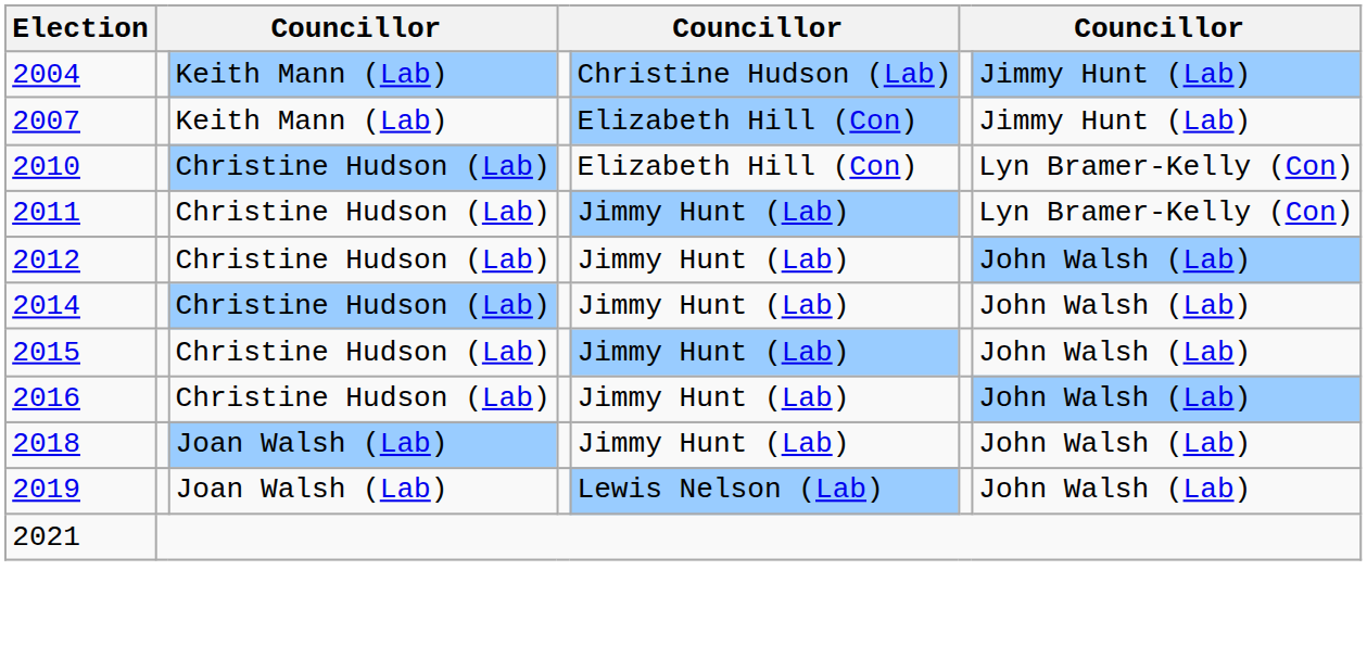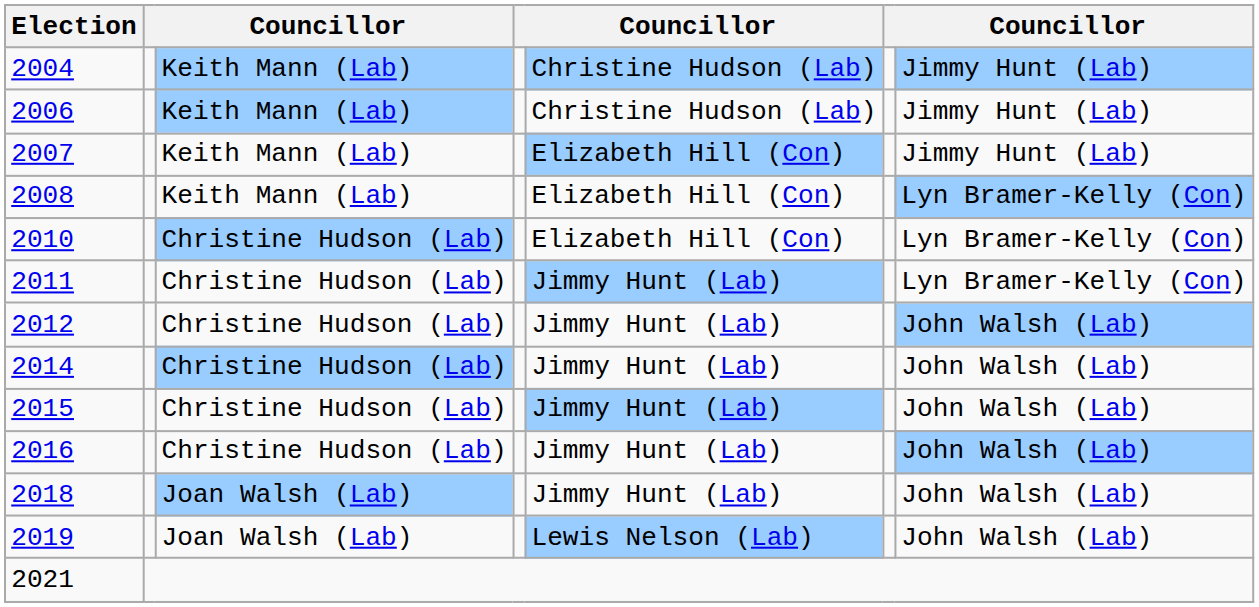 <table class="wikitable">
 <tr>
 <th>Election</th>
 <th colspan="2">Councillor</th>
 <th colspan="2">Councillor</th>
 <th colspan="2">Councillor</th>
 </tr>
 <tr>
 <td><a href='#'>2004</a></td>
 <td style="background-color: "></td>
 <td bgcolor="#99CCFF">Keith Mann (<a href='#'>Lab</a>)</td>
 <td style="background-color: "></td>
 <td bgcolor="#99CCFF">Christine Hudson (<a href='#'>Lab</a>)</td>
 <td style="background-color: "></td>
 <td bgcolor="#99CCFF">Jimmy Hunt (<a href='#'>Lab</a>)</td>
 </tr>
 <tr>
+<td><a href='#'>2006</a></td>
+<td style="background-color: "></td>
+<td bgcolor="#99CCFF">Keith Mann (<a href='#'>Lab</a>)</td>
+<td style="background-color: "></td>
+<td>Christine Hudson (<a href='#'>Lab</a>)</td>
+<td style="background-color: "></td>
+<td>Jimmy Hunt (<a href='#'>Lab</a>)</td>
+</tr>
+<tr>
 <td><a href='#'>2007</a></td>
 <td style="background-color: "></td>
 <td>Keith Mann (<a href='#'>Lab</a>)</td>
 <td style="background-color: "></td>
 <td bgcolor="#99CCFF">Elizabeth Hill (<a href='#'>Con</a>)</td>
 <td style="background-color: "></td>
 <td>Jimmy Hunt (<a href='#'>Lab</a>)</td>
+</tr>
+<tr>
+<td><a href='#'>2008</a></td>
+<td style="background-color: "></td>
+<td>Keith Mann (<a href='#'>Lab</a>)</td>
+<td style="background-color: "></td>
+<td>Elizabeth Hill (<a href='#'>Con</a>)</td>
+<td style="background-color: "></td>
+<td bgcolor="#99CCFF">Lyn Bramer-Kelly (<a href='#'>Con</a>)</td>
 </tr>
 <tr>
 <td><a href='#'>2010</a></td>
 <td style="background-color: "></td>
 <td bgcolor="#99CCFF">Christine Hudson (<a href='#'>Lab</a>)</td>
 <td style="background-color: "></td>
 <td>Elizabeth Hill (<a href='#'>Con</a>)</td>
 <td style="background-color: "></td>
 <td>Lyn Bramer-Kelly (<a href='#'>Con</a>)</td>
 </tr>
 <tr>
 <td><a href='#'>2011</a></td>
 <td style="background-color: "></td>
 <td>Christine Hudson (<a href='#'>Lab</a>)</td>
 <td style="background-color: "></td>
 <td bgcolor="#99CCFF">Jimmy Hunt (<a href='#'>Lab</a>)</td>
 <td style="background-color: "></td>
 <td>Lyn Bramer-Kelly (<a href='#'>Con</a>)</td>
 </tr>
 <tr>
 <td><a href='#'>2012</a></td>
 <td style="background-color: "></td>
 <td>Christine Hudson (<a href='#'>Lab</a>)</td>
 <td style="background-color: "></td>
 <td>Jimmy Hunt (<a href='#'>Lab</a>)</td>
 <td style="background-color: "></td>
 <td bgcolor="#99CCFF">John Walsh (<a href='#'>Lab</a>)</td>
 </tr>
 <tr>
 <td><a href='#'>2014</a></td>
 <td style="background-color: "></td>
 <td bgcolor="#99CCFF">Christine Hudson (<a href='#'>Lab</a>)</td>
 <td style="background-color: "></td>
 <td>Jimmy Hunt (<a href='#'>Lab</a>)</td>
 <td style="background-color: "></td>
 <td>John Walsh (<a href='#'>Lab</a>)</td>
 </tr>
 <tr>
 <td><a href='#'>2015</a></td>
 <td style="background-color: "></td>
 <td>Christine Hudson (<a href='#'>Lab</a>)</td>
 <td style="background-color: "></td>
 <td bgcolor="#99CCFF">Jimmy Hunt (<a href='#'>Lab</a>)</td>
 <td style="background-color: "></td>
 <td>John Walsh (<a href='#'>Lab</a>)</td>
 </tr>
 <tr>
 <td><a href='#'>2016</a></td>
 <td style="background-color: "></td>
 <td>Christine Hudson (<a href='#'>Lab</a>)</td>
 <td style="background-color: "></td>
 <td>Jimmy Hunt (<a href='#'>Lab</a>)</td>
 <td style="background-color: "></td>
 <td bgcolor="#99CCFF">John Walsh (<a href='#'>Lab</a>)</td>
 </tr>
 <tr>
 <td><a href='#'>2018</a></td>
 <td style="background-color: "></td>
 <td bgcolor="#99CCFF">Joan Walsh (<a href='#'>Lab</a>)</td>
 <td style="background-color: "></td>
 <td>Jimmy Hunt (<a href='#'>Lab</a>)</td>
 <td style="background-color: "></td>
 <td>John Walsh (<a href='#'>Lab</a>)</td>
 </tr>
 <tr>
 <td><a href='#'>2019</a></td>
 <td style="background-color: "></td>
 <td>Joan Walsh (<a href='#'>Lab</a>)</td>
 <td style="background-color: "></td>
 <td bgcolor="#99CCFF">Lewis Nelson  (<a href='#'>Lab</a>)</td>
 <td style="background-color: "></td>
 <td>John Walsh (<a href='#'>Lab</a>)</td>
 </tr>
 <tr>
 <td>2021</td>
 <td colspan=6></td>
 </tr>
 </table>
